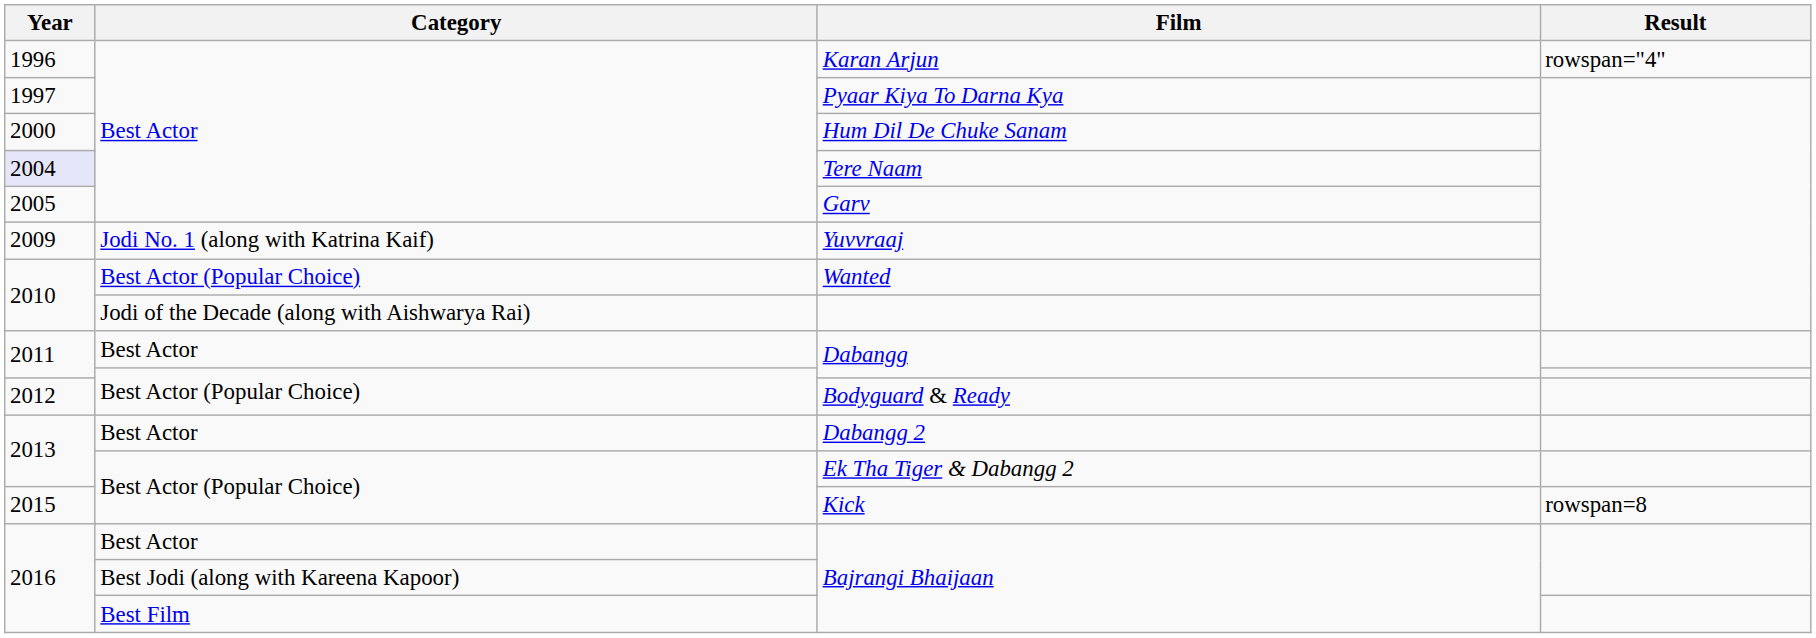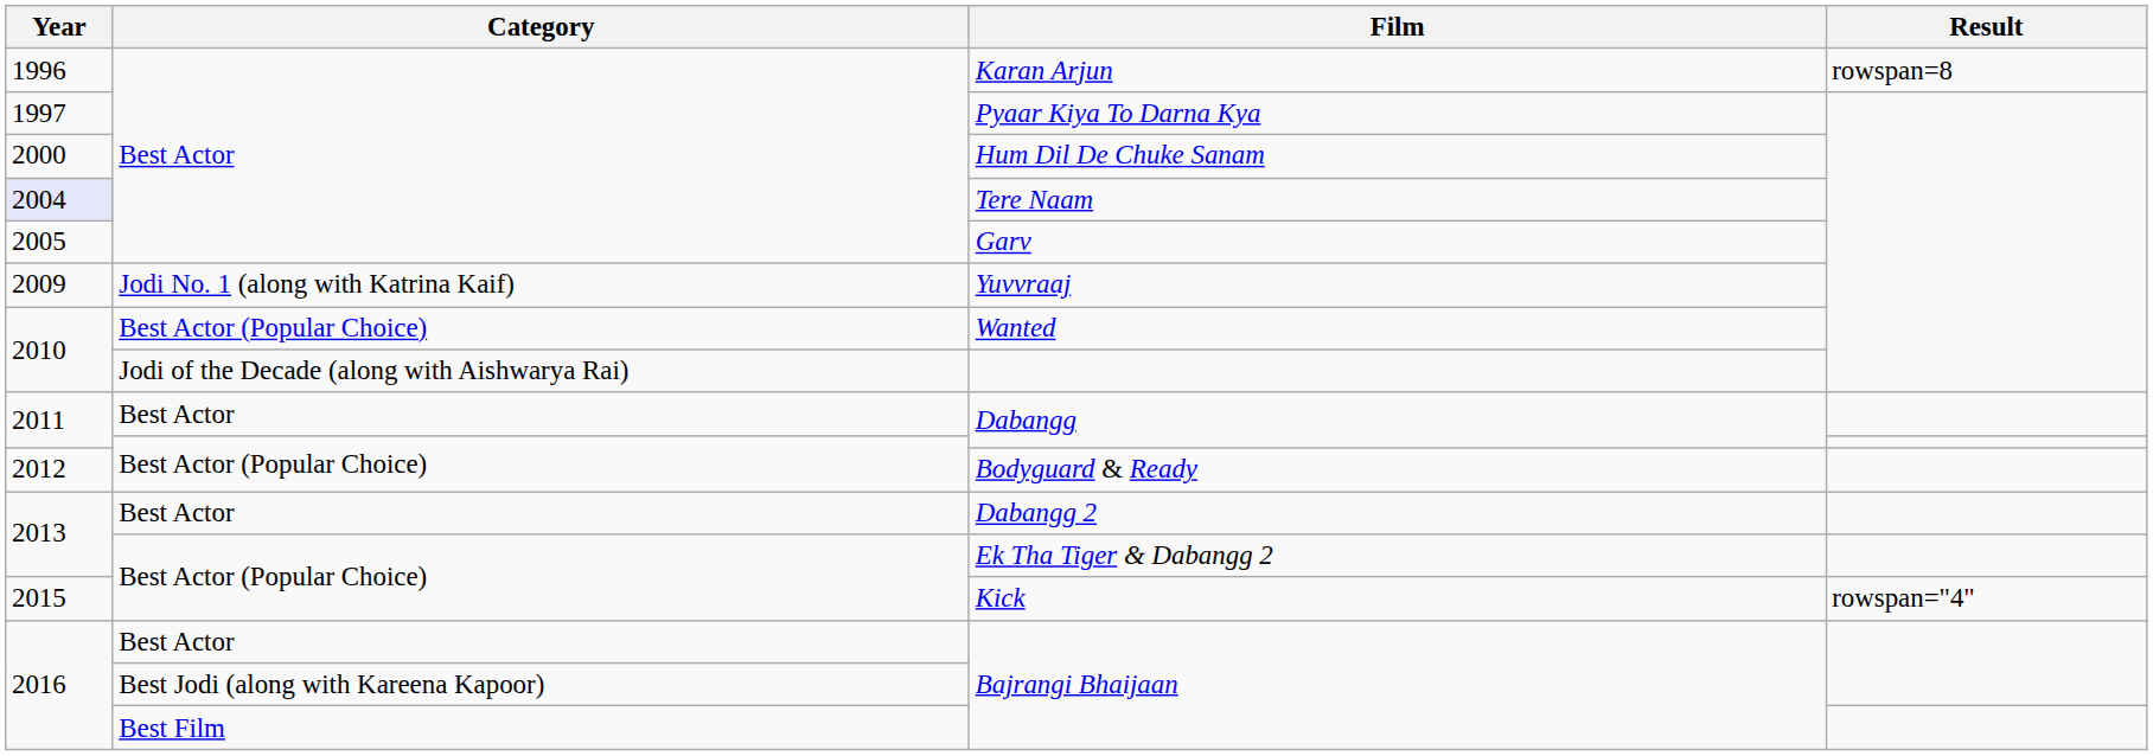 <table class="wikitable" style="width:100%;">
 <tr>
 <th width=5%>Year</th>
 <th style="width:40%;">Category</th>
 <th style="width:40%;">Film</th>
 <th style="width:15%;">Result</th>
 </tr>
 <tr>
 <td>1996</td>
 <td rowspan="5"><a href='#'>Best Actor</a></td>
 <td><em><a href='#'>Karan Arjun</a></em></td>
-<td>rowspan="4" </td>
+<td>rowspan=8 </td>
 </tr>
 <tr>
 <td>1997</td>
 <td><em><a href='#'>Pyaar Kiya To Darna Kya</a></em></td>
 </tr>
 <tr>
 <td>2000</td>
 <td><em><a href='#'>Hum Dil De Chuke Sanam</a></em></td>
 </tr>
 <tr>
 <td style="background: lavender;">2004</td>
 <td><em><a href='#'>Tere Naam</a></em></td>
 </tr>
 <tr>
 <td>2005</td>
 <td><em><a href='#'>Garv</a></em></td>
 </tr>
 <tr>
 <td>2009</td>
 <td><a href='#'>Jodi No. 1</a> (along with Katrina Kaif)</td>
 <td><em><a href='#'>Yuvvraaj</a></em></td>
 </tr>
 <tr>
 <td rowspan="2">2010</td>
 <td><a href='#'>Best Actor (Popular Choice)</a></td>
 <td><em><a href='#'>Wanted</a></em></td>
 </tr>
 <tr>
 <td>Jodi of the Decade (along with Aishwarya Rai)</td>
 <td></td>
 </tr>
 <tr>
 <td rowspan="2">2011</td>
 <td>Best Actor</td>
 <td rowspan="2"><em><a href='#'>Dabangg</a></em></td>
 <td></td>
 </tr>
 <tr>
 <td rowspan="2">Best Actor (Popular Choice)</td>
 <td></td>
 </tr>
 <tr>
 <td>2012</td>
 <td><em><a href='#'>Bodyguard</a></em> & <em><a href='#'>Ready</a></em></td>
 <td></td>
 </tr>
 <tr>
 <td rowspan="2">2013</td>
 <td>Best Actor</td>
 <td><em><a href='#'>Dabangg 2</a></em></td>
 <td></td>
 </tr>
 <tr>
 <td rowspan="3">Best Actor (Popular Choice)</td>
 <td><em><a href='#'>Ek Tha Tiger</a> & Dabangg 2</em></td>
 <td></td>
 </tr>
 <tr>
 <td>2015</td>
 <td><em><a href='#'>Kick</a></em></td>
-<td>rowspan=8 </td>
+<td>rowspan="4" </td>
 </tr>
 <tr>
 <td rowspan="4">2016</td>
 <td rowspan="4"><em><a href='#'>Bajrangi Bhaijaan</a></em></td>
 </tr>
 <tr>
 <td>Best Actor</td>
 </tr>
 <tr>
 <td>Best Jodi (along with Kareena Kapoor)</td>
 </tr>
 <tr>
 <td><a href='#'>Best Film</a></td>
 <td></td>
 </tr>
 </table>
